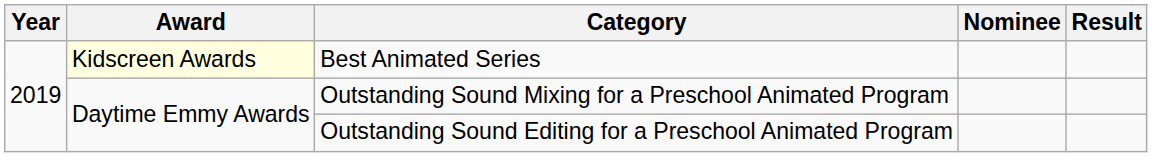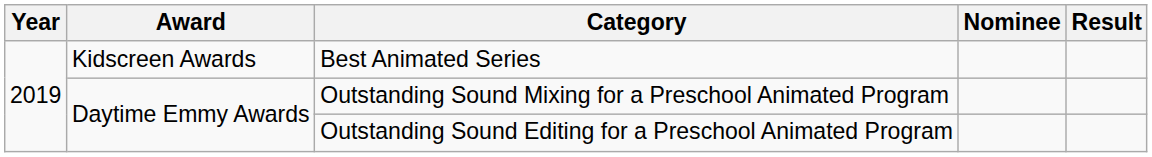 <table class="wikitable sortable">
 <tr>
 <th>Year</th>
 <th>Award</th>
 <th>Category</th>
 <th>Nominee</th>
 <th>Result</th>
 </tr>
 <tr>
 <td rowspan="3">2019</td>
-<td rowspan="1" style="background: lightyellow;">Kidscreen Awards</td>
+<td rowspan="1">Kidscreen Awards</td>
 <td>Best Animated Series</td>
 <td></td>
 <td></td>
 </tr>
 <tr>
 <td rowspan="2">Daytime Emmy Awards</td>
 <td>Outstanding Sound Mixing for a Preschool Animated Program</td>
 <td></td>
 <td></td>
 </tr>
 <tr>
 <td>Outstanding Sound Editing for a Preschool Animated Program</td>
 <td></td>
 <td></td>
 </tr>
 </table>
